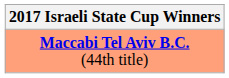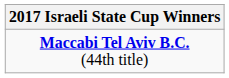 <table class=wikitable style="text-align:center; margin:auto">
 <tr>
 <th>2017 Israeli State Cup Winners</th>
 </tr>
 <tr>
-<td style="background: lightsalmon;"><strong><a href='#'>Maccabi Tel Aviv B.C.</a></strong><br>(44th title)</td>
+<td><strong><a href='#'>Maccabi Tel Aviv B.C.</a></strong><br>(44th title)</td>
 </tr>
 </table>
